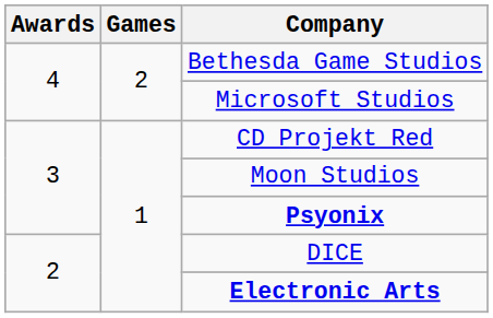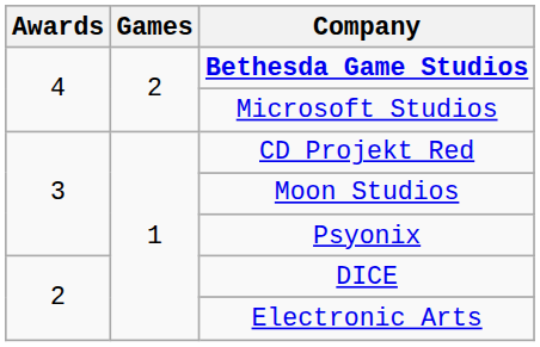 <table class="wikitable floatright" rowspan="2" style="text-align:center;" background: #f6e39c;>
 <tr>
 <th scope="col">Awards</th>
 <th scope="col">Games</th>
 <th scope="col">Company</th>
 </tr>
 <tr>
 <td rowspan=2>4</td>
 <td rowspan=2>2</td>
-<td><a href='#'>Bethesda Game Studios</a></td>
+<td><strong><a href='#'>Bethesda Game Studios</a></strong></td>
 </tr>
 <tr>
 <td><a href='#'>Microsoft Studios</a></td>
 </tr>
 <tr>
 <td rowspan=3>3</td>
 <td rowspan=5>1</td>
 <td><a href='#'>CD Projekt Red</a></td>
 </tr>
 <tr>
 <td><a href='#'>Moon Studios</a></td>
 </tr>
 <tr>
-<td><strong><a href='#'>Psyonix</a></strong></td>
+<td><a href='#'>Psyonix</a></td>
 </tr>
 <tr>
 <td rowspan=2>2</td>
 <td><a href='#'>DICE</a></td>
 </tr>
 <tr>
-<td><strong><a href='#'>Electronic Arts</a></strong></td>
+<td><a href='#'>Electronic Arts</a></td>
 </tr>
 </table>
